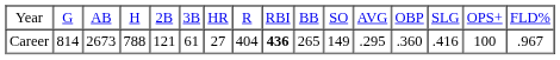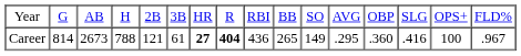 <table cellpadding=3 cellspacing=0 border=1 width=400>
 <tr align=center>
 <td>Year</td>
 <td><a href='#'>G</a></td>
 <td><a href='#'>AB</a></td>
 <td><a href='#'>H</a></td>
 <td><a href='#'>2B</a></td>
 <td><a href='#'>3B</a></td>
 <td><a href='#'>HR</a></td>
 <td><a href='#'>R</a></td>
 <td><a href='#'>RBI</a></td>
 <td><a href='#'>BB</a></td>
 <td><a href='#'>SO</a></td>
 <td><a href='#'>AVG</a></td>
 <td><a href='#'>OBP</a></td>
 <td><a href='#'>SLG</a></td>
 <td><a href='#'>OPS+</a></td>
 <td><a href='#'>FLD%</a></td>
 </tr>
 <tr align=center>
 <td>Career</td>
 <td>814</td>
 <td>2673</td>
 <td>788</td>
 <td>121</td>
 <td>61</td>
-<td>27</td>
-<td>404</td>
-<td><strong>436</strong></td>
+<td><strong>27</strong></td>
+<td><strong>404</strong></td>
+<td>436</td>
 <td>265</td>
 <td>149</td>
 <td>.295</td>
 <td>.360</td>
 <td>.416</td>
 <td>100</td>
 <td>.967</td>
 </tr>
 </table>
